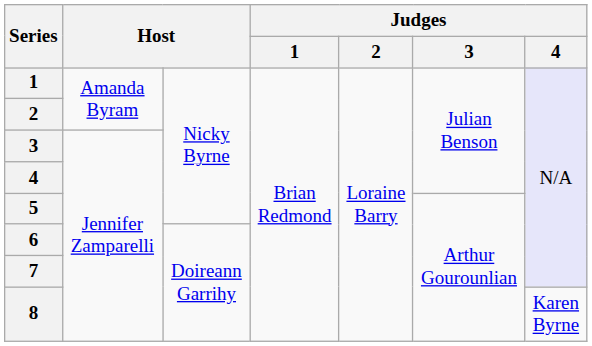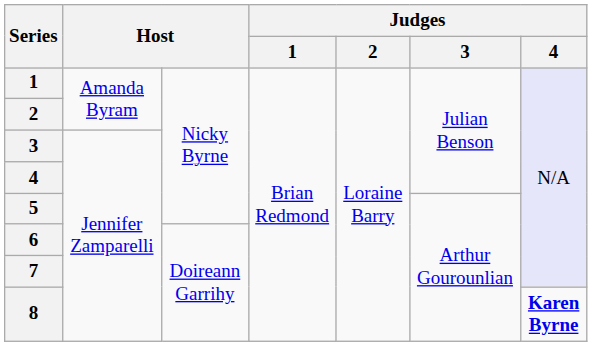 <table class="wikitable" style="text-align:center; font-size:90%; width: 50%;">
 <tr>
 <th rowspan=2>Series</th>
 <th colspan="2" rowspan="2">Host</th>
 <th colspan="4">Judges</th>
 </tr>
 <tr>
 <th>1</th>
 <th>2</th>
 <th>3</th>
 <th>4</th>
 </tr>
 <tr>
 <th scope="row">1</th>
 <td rowspan="2"><a href='#'>Amanda Byram</a></td>
 <td rowspan="5"><a href='#'>Nicky Byrne</a></td>
 <td rowspan="8"><a href='#'>Brian Redmond</a></td>
 <td rowspan="8"><a href='#'>Loraine Barry</a></td>
 <td rowspan="4"><a href='#'>Julian Benson</a></td>
 <td bgcolor="lavender" rowspan="7">N/A</td>
 </tr>
 <tr>
 <th scope="row">2</th>
 </tr>
 <tr>
 <th scope="row">3</th>
 <td rowspan="6"><a href='#'>Jennifer Zamparelli</a></td>
 </tr>
 <tr>
 <th scope="row">4</th>
 </tr>
 <tr>
 <th scope="row">5</th>
 <td rowspan="4"><a href='#'>Arthur Gourounlian</a></td>
 </tr>
 <tr>
 <th scope="row">6</th>
 <td rowspan="3"><a href='#'>Doireann Garrihy</a></td>
 </tr>
 <tr>
 <th scope="row">7</th>
 </tr>
 <tr>
 <th>8</th>
-<td><a href='#'>Karen Byrne</a></td>
+<td><strong><a href='#'>Karen Byrne</a></strong></td>
 </tr>
 </table>
